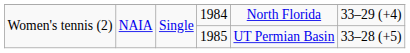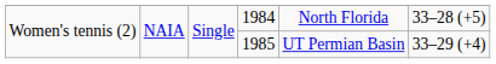 <table class="wikitable" style="text-align:center">
 <tr>
 </tr>
 <tr align="center">
 <td rowspan="2">Women's tennis (2)</td>
 <td rowspan="2"><a href='#'>NAIA</a></td>
 <td rowspan="2"><a href='#'>Single</a></td>
 <td>1984</td>
 <td><a href='#'>North Florida</a></td>
-<td>33–29 (+4)</td>
+<td>33–28 (+5)</td>
 </tr>
 <tr align="center">
 <td>1985</td>
 <td><a href='#'>UT Permian Basin</a></td>
-<td>33–28 (+5)</td>
+<td>33–29 (+4)</td>
 </tr>
 </table>
